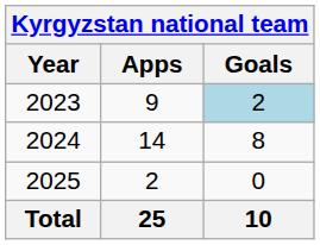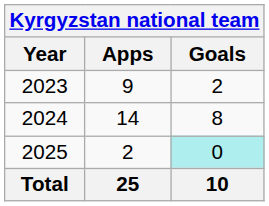 <table class="wikitable" style="text-align:center">
 <tr>
 <th colspan=4><a href='#'>Kyrgyzstan national team</a></th>
 </tr>
 <tr>
 <th>Year</th>
 <th>Apps</th>
 <th>Goals</th>
 </tr>
 <tr>
 <td>2023</td>
 <td>9</td>
-<td style="background: lightblue;">2</td>
+<td>2</td>
 </tr>
 <tr>
 <td>2024</td>
 <td>14</td>
 <td>8</td>
 </tr>
 <tr>
 <td>2025</td>
 <td>2</td>
-<td>0</td>
+<td style="background: paleturquoise;">0</td>
 </tr>
 <tr>
 <th>Total</th>
 <th>25</th>
 <th>10</th>
 </tr>
 </table>
